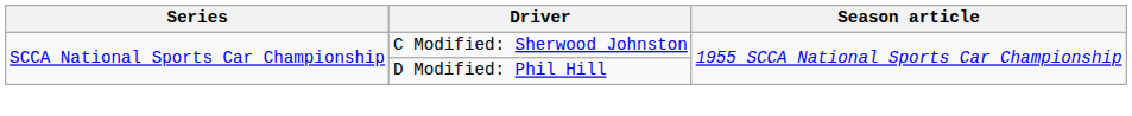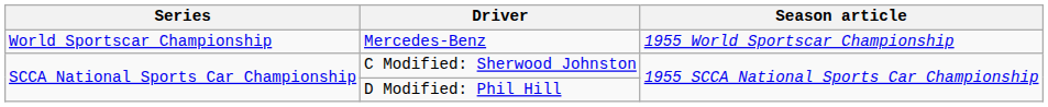 <table class="wikitable" style="font-size: 87%;">
 <tr>
 <th>Series</th>
 <th>Driver</th>
 <th>Season article</th>
+</tr>
+<tr>
+<td><a href='#'>World Sportscar Championship</a></td>
+<td> <a href='#'>Mercedes-Benz</a></td>
+<td><em><a href='#'>1955 World Sportscar Championship</a></em></td>
 </tr>
 <tr>
 <td rowspan=3><a href='#'>SCCA National Sports Car Championship</a></td>
 <td>C Modified:  <a href='#'>Sherwood Johnston</a></td>
 <td rowspan=3><em><a href='#'>1955 SCCA National Sports Car Championship</a></em></td>
 </tr>
 <tr>
 <td>D Modified:  <a href='#'>Phil Hill</a></td>
 </tr>
 </table>
